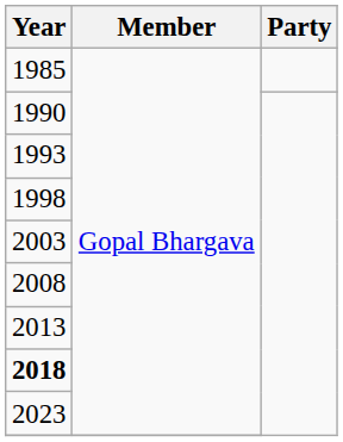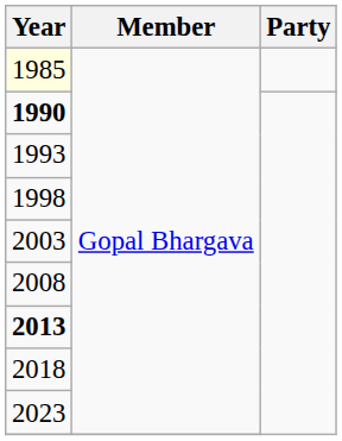 <table class="wikitable sortable">
 <tr>
 <th>Year</th>
 <th>Member</th>
 <th colspan=2>Party</th>
 </tr>
 <tr>
-<td>1985</td>
+<td style="background: lightyellow;">1985</td>
 <td rowspan= 9><a href='#'>Gopal Bhargava</a></td>
 <td></td>
 </tr>
 <tr>
-<td>1990</td>
+<td><strong>1990</strong></td>
 </tr>
 <tr>
 <td>1993</td>
 </tr>
 <tr>
 <td>1998</td>
 </tr>
 <tr>
 <td>2003</td>
 </tr>
 <tr>
 <td>2008</td>
 </tr>
 <tr>
-<td>2013</td>
+<td><strong>2013</strong></td>
 </tr>
 <tr>
-<td><strong>2018</strong></td>
+<td>2018</td>
 </tr>
 <tr>
 <td>2023</td>
 </tr>
 <tr>
 </tr>
 </table>
